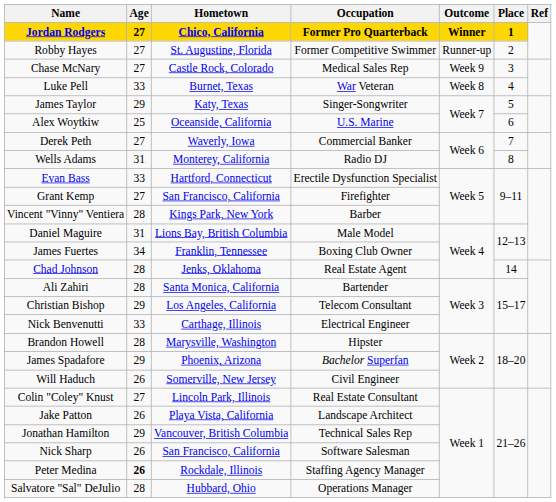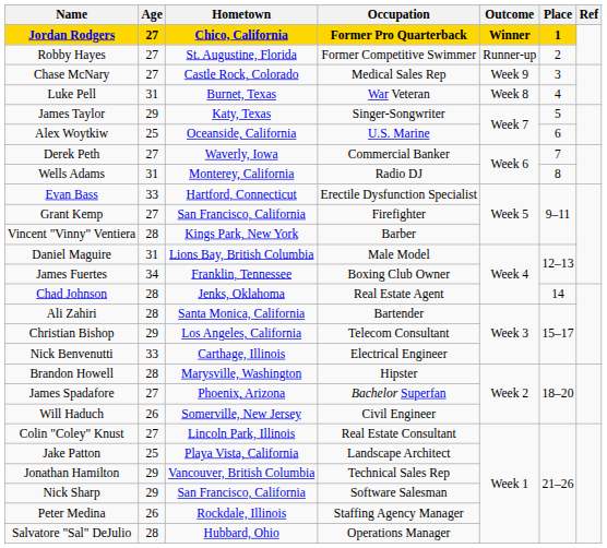 <table class="wikitable sortable" style="text-align:center;">
 <tr>
 <th>Name</th>
 <th>Age</th>
 <th>Hometown</th>
 <th>Occupation</th>
 <th>Outcome</th>
 <th>Place</th>
 <th class="unsortable">Ref</th>
 </tr>
 <tr>
 <td bgcolor="gold"><strong><a href='#'>Jordan Rodgers</a></strong></td>
 <td bgcolor="gold"><strong>27</strong></td>
 <td bgcolor="gold"><strong><a href='#'>Chico, California</a></strong></td>
 <td bgcolor="gold"><strong>Former Pro Quarterback</strong></td>
 <td bgcolor="gold"><strong>Winner</strong></td>
 <td bgcolor="gold"><strong>1</strong></td>
 <td rowspan="2" align="center"></td>
 </tr>
 <tr>
 <td>Robby Hayes</td>
 <td>27</td>
 <td><a href='#'>St. Augustine, Florida</a></td>
 <td>Former Competitive Swimmer</td>
 <td data-sort-value="Wh">Runner-up</td>
 <td>2</td>
 </tr>
 <tr>
 <td>Chase McNary</td>
 <td>27</td>
 <td><a href='#'>Castle Rock, Colorado</a></td>
 <td>Medical Sales Rep</td>
 <td>Week 9</td>
 <td>3</td>
 <td align=center rowspan="2"></td>
 </tr>
 <tr>
 <td>Luke Pell</td>
-<td>33</td>
+<td>31</td>
 <td><a href='#'>Burnet, Texas</a></td>
 <td><a href='#'>War</a> Veteran</td>
 <td>Week 8</td>
 <td>4</td>
 </tr>
 <tr>
 <td>James Taylor</td>
 <td>29</td>
 <td><a href='#'>Katy, Texas</a></td>
 <td>Singer-Songwriter</td>
 <td rowspan=2>Week 7</td>
 <td>5</td>
 <td align="center" rowspan=2></td>
 </tr>
 <tr>
 <td>Alex Woytkiw</td>
 <td>25</td>
 <td><a href='#'>Oceanside, California</a></td>
 <td><a href='#'>U.S. Marine</a></td>
 <td>6</td>
 </tr>
 <tr>
 <td>Derek Peth</td>
 <td>27</td>
 <td><a href='#'>Waverly, Iowa</a></td>
 <td>Commercial Banker</td>
 <td rowspan=2>Week 6</td>
 <td>7</td>
 <td align="center" rowspan=2></td>
 </tr>
 <tr>
 <td>Wells Adams</td>
 <td>31</td>
 <td><a href='#'>Monterey, California</a></td>
 <td>Radio DJ</td>
 <td>8</td>
 </tr>
 <tr>
 <td><a href='#'>Evan Bass</a></td>
 <td>33</td>
 <td><a href='#'>Hartford, Connecticut</a></td>
 <td>Erectile Dysfunction Specialist</td>
 <td rowspan=3>Week 5</td>
 <td rowspan=3>9–11</td>
 <td align="center" rowspan=5></td>
 </tr>
 <tr>
 <td>Grant Kemp</td>
 <td>27</td>
 <td><a href='#'>San Francisco, California</a></td>
 <td>Firefighter</td>
 </tr>
 <tr>
 <td>Vincent "Vinny" Ventiera</td>
 <td>28</td>
 <td><a href='#'>Kings Park, New York</a></td>
 <td>Barber</td>
 </tr>
 <tr>
 <td>Daniel Maguire</td>
 <td>31</td>
 <td><a href='#'>Lions Bay, British Columbia</a></td>
 <td>Male Model</td>
 <td rowspan=3>Week 4</td>
 <td rowspan=2>12–13</td>
 </tr>
 <tr>
 <td>James Fuertes</td>
 <td>34</td>
 <td><a href='#'>Franklin, Tennessee</a></td>
 <td>Boxing Club Owner</td>
 </tr>
 <tr>
 <td><a href='#'>Chad Johnson</a></td>
 <td>28</td>
 <td><a href='#'>Jenks, Oklahoma</a></td>
 <td>Real Estate Agent</td>
 <td>14</td>
 <td align="center" rowspan=4></td>
 </tr>
 <tr>
 <td>Ali Zahiri</td>
 <td>28</td>
 <td><a href='#'>Santa Monica, California</a></td>
 <td>Bartender</td>
 <td rowspan=3>Week 3</td>
 <td rowspan=3>15–17</td>
 </tr>
 <tr>
 <td>Christian Bishop</td>
 <td>29</td>
 <td><a href='#'>Los Angeles, California</a></td>
 <td>Telecom Consultant</td>
 </tr>
 <tr>
 <td>Nick Benvenutti</td>
 <td>33</td>
 <td><a href='#'>Carthage, Illinois</a></td>
 <td>Electrical Engineer</td>
 </tr>
 <tr>
 <td>Brandon Howell</td>
 <td>28</td>
 <td><a href='#'>Marysville, Washington</a></td>
 <td>Hipster</td>
 <td rowspan=3>Week 2</td>
 <td rowspan=3>18–20</td>
 <td align="center" rowspan=3></td>
 </tr>
 <tr>
 <td>James Spadafore</td>
-<td>29</td>
+<td>27</td>
 <td><a href='#'>Phoenix, Arizona</a></td>
 <td><em>Bachelor</em> <a href='#'>Superfan</a></td>
 </tr>
 <tr>
 <td>Will Haduch</td>
 <td>26</td>
 <td><a href='#'>Somerville, New Jersey</a></td>
 <td>Civil Engineer</td>
 </tr>
 <tr>
 <td>Colin "Coley" Knust</td>
 <td>27</td>
 <td><a href='#'>Lincoln Park, Illinois</a></td>
 <td>Real Estate Consultant</td>
 <td rowspan=6>Week 1</td>
 <td rowspan=6>21–26</td>
 <td align="center" rowspan=6></td>
 </tr>
 <tr>
 <td>Jake Patton</td>
-<td>26</td>
+<td>25</td>
 <td><a href='#'>Playa Vista, California</a></td>
 <td>Landscape Architect</td>
 </tr>
 <tr>
 <td>Jonathan Hamilton</td>
 <td>29</td>
 <td><a href='#'>Vancouver, British Columbia</a></td>
 <td>Technical Sales Rep</td>
 </tr>
 <tr>
 <td>Nick Sharp</td>
-<td>26</td>
+<td>29</td>
 <td><a href='#'>San Francisco, California</a></td>
 <td>Software Salesman</td>
 </tr>
 <tr>
 <td>Peter Medina</td>
-<td><strong>26</strong></td>
+<td>26</td>
 <td><a href='#'>Rockdale, Illinois</a></td>
 <td>Staffing Agency Manager</td>
 </tr>
 <tr>
 <td>Salvatore "Sal" DeJulio</td>
 <td>28</td>
 <td><a href='#'>Hubbard, Ohio</a></td>
 <td>Operations Manager</td>
 </tr>
 </table>
